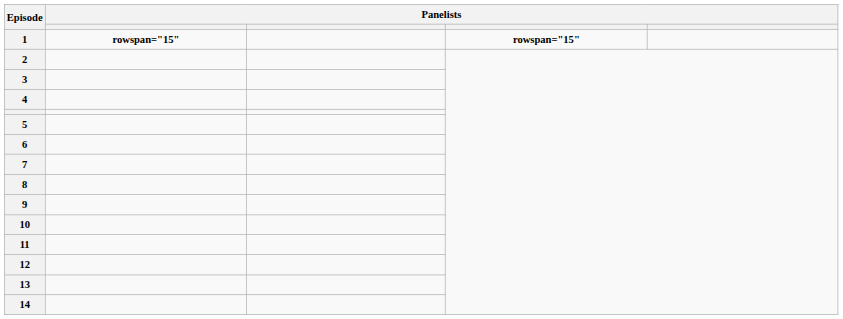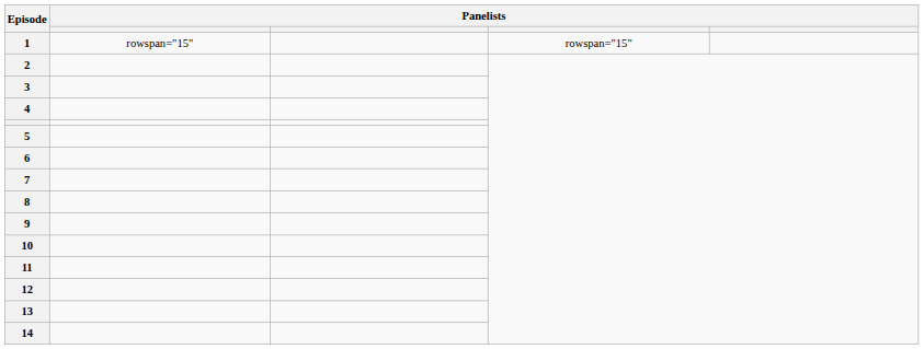 <table class="wikitable plainrowheaders mw-collapsible" style="text-align:center; line-height:23px; width:100%;">
 <tr>
 <th rowspan=2 width=1%>Episode</th>
 <th colspan=4>Panelists</th>
 </tr>
 <tr>
 <th width="25%"></th>
 <th width="25%"></th>
 <th width="25%"></th>
 <th width="25%"></th>
 </tr>
 <tr>
 <th>1</th>
-<td><strong>rowspan="15" </strong></td>
+<td>rowspan="15" </td>
 <td></td>
-<td><strong>rowspan="15" </strong></td>
+<td>rowspan="15" </td>
 <td></td>
 </tr>
 <tr>
 <th>2</th>
 <td></td>
 <td></td>
 </tr>
 <tr>
 <th>3</th>
 <td></td>
 <td></td>
 </tr>
 <tr>
 <th>4</th>
 <td></td>
 <td></td>
 </tr>
 <tr>
 <th></th>
 <td></td>
 <td></td>
 </tr>
 <tr>
 <th>5</th>
 <td></td>
 <td></td>
 </tr>
 <tr>
 <th>6</th>
 <td></td>
 <td></td>
 </tr>
 <tr>
 <th>7</th>
 <td></td>
 <td></td>
 </tr>
 <tr>
 <th>8</th>
 <td></td>
 <td></td>
 </tr>
 <tr>
 <th>9</th>
 <td></td>
 <td></td>
 </tr>
 <tr>
 <th>10</th>
 <td></td>
 <td></td>
 </tr>
 <tr>
 <th>11</th>
 <td></td>
 <td></td>
 </tr>
 <tr>
 <th>12</th>
 <td></td>
 <td></td>
 </tr>
 <tr>
 <th>13</th>
 <td></td>
 <td></td>
 </tr>
 <tr>
 <th>14</th>
 <td></td>
 <td></td>
 </tr>
 </table>
